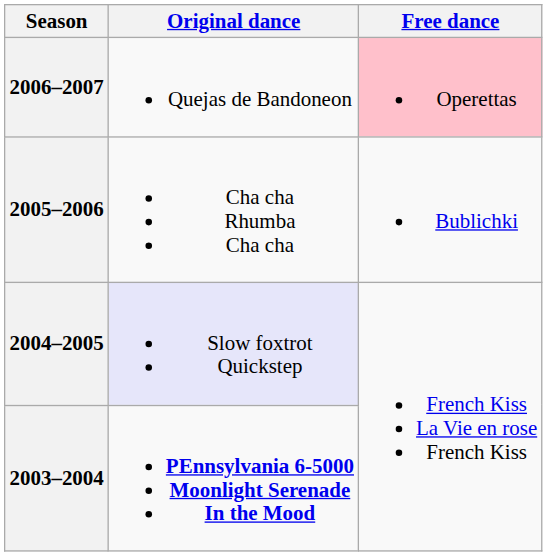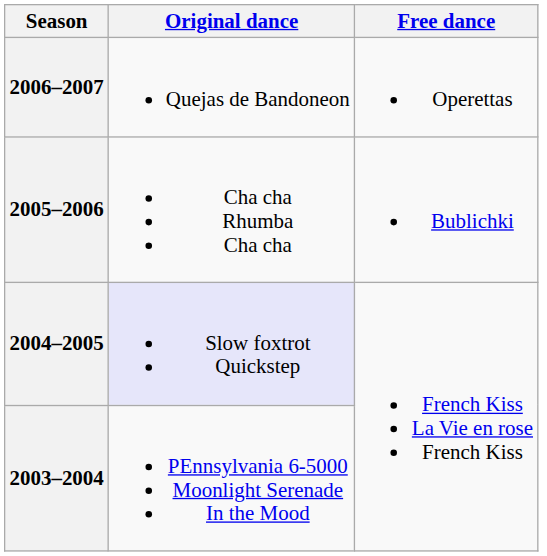 <table class="wikitable" style="text-align:center">
 <tr>
 <th>Season</th>
 <th><a href='#'>Original dance</a></th>
 <th><a href='#'>Free dance</a></th>
 </tr>
 <tr>
 <th>2006–2007<br></th>
 <td><br><ul><li>Quejas de Bandoneon</li></ul></td>
-<td style="background: pink;"><br><ul><li>Operettas <br></li></ul></td>
+<td><br><ul><li>Operettas <br></li></ul></td>
 </tr>
 <tr>
 <th>2005–2006<br></th>
 <td><br><ul><li>Cha cha</li><li>Rhumba</li><li>Cha cha</li></ul></td>
 <td><br><ul><li><a href='#'>Bublichki</a></li></ul></td>
 </tr>
 <tr>
 <th>2004–2005<br></th>
 <td style="background: lavender;"><br><ul><li>Slow foxtrot</li><li>Quickstep</li></ul></td>
 <td rowspan=2><br><ul><li><a href='#'>French Kiss</a> <br></li><li><a href='#'>La Vie en rose</a></li><li>French Kiss</li></ul></td>
 </tr>
 <tr>
 <th>2003–2004<br></th>
-<td><strong><br><ul><li> <a href='#'>PEnnsylvania 6-5000</a> <br></li><li> <a href='#'>Moonlight Serenade</a> <br></li><li> <a href='#'>In the Mood</a> <br></li></ul></strong></td>
+<td><br><ul><li> <a href='#'>PEnnsylvania 6-5000</a> <br></li><li> <a href='#'>Moonlight Serenade</a> <br></li><li> <a href='#'>In the Mood</a> <br></li></ul></td>
 </tr>
 </table>
